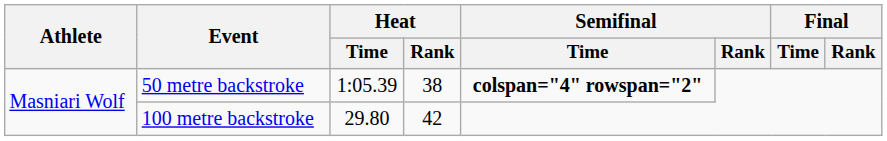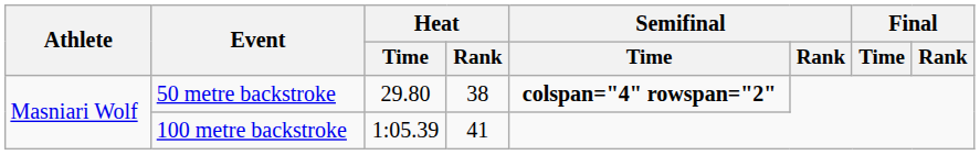 <table class="wikitable" style="text-align:center; font-size:90%; width:50%;">
 <tr>
 <th rowspan="2">Athlete</th>
 <th rowspan="2">Event</th>
 <th colspan="2">Heat</th>
 <th colspan="2">Semifinal</th>
 <th colspan="2">Final</th>
 </tr>
 <tr style="font-size:95%">
 <th>Time</th>
 <th>Rank</th>
 <th>Time</th>
 <th>Rank</th>
 <th>Time</th>
 <th>Rank</th>
 </tr>
 <tr align=center>
 <td align=left rowspan="2"><a href='#'>Masniari Wolf</a></td>
 <td align=left><a href='#'>50 metre backstroke</a></td>
-<td>1:05.39</td>
+<td>29.80</td>
 <td>38</td>
 <td><strong>colspan="4" rowspan="2" </strong></td>
 </tr>
 <tr align=center>
 <td align=left><a href='#'>100 metre backstroke</a></td>
-<td>29.80</td>
-<td>42</td>
+<td>1:05.39</td>
+<td>41</td>
 </tr>
 </table>
